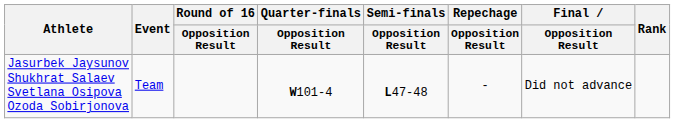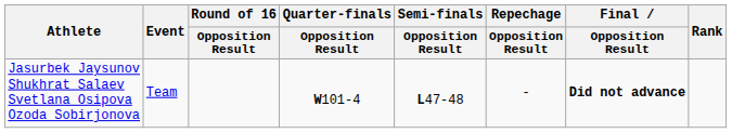 <table class=wikitable style=font-size:90%;text-align:center>
 <tr>
 <th rowspan="2">Athlete</th>
 <th rowspan="2">Event</th>
 <th>Round of 16</th>
 <th>Quarter-finals</th>
 <th>Semi-finals</th>
 <th>Repechage</th>
 <th>Final / </th>
 <th rowspan=2>Rank</th>
 </tr>
 <tr style="font-size:95%">
 <th>Opposition<br>Result</th>
 <th>Opposition<br>Result</th>
 <th>Opposition<br>Result</th>
 <th>Opposition<br>Result</th>
 <th>Opposition<br>Result</th>
 </tr>
 <tr>
 <td align=left><a href='#'>Jasurbek Jaysunov</a><br><a href='#'>Shukhrat Salaev</a><br><a href='#'>Svetlana Osipova</a><br><a href='#'>Ozoda Sobirjonova</a></td>
 <td align=left><a href='#'>Team</a></td>
 <td></td>
 <td><br><strong>W</strong>101-4</td>
 <td><br><strong>L</strong>47-48</td>
 <td>-</td>
-<td>Did not advance</td>
+<td><strong>Did not advance</strong></td>
 <td></td>
 </tr>
 </table>
